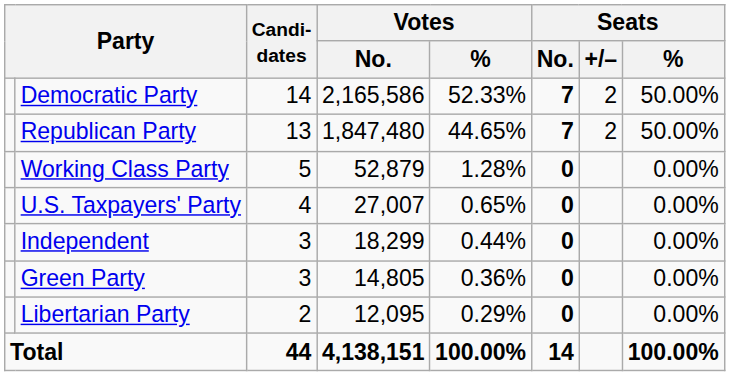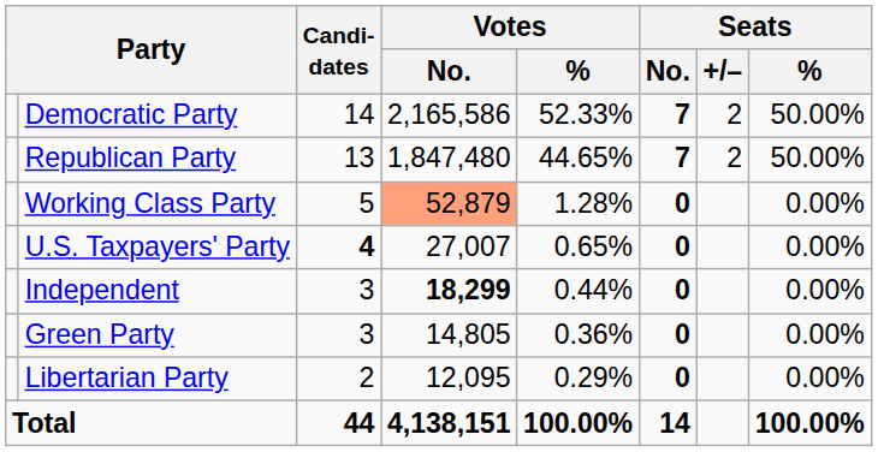 <table class="wikitable" style="font-size:100%; text-align:right;">
 <tr>
 <th colspan=2 rowspan=2>Party</th>
 <th rowspan=2><small>Candi-<br>dates</small></th>
 <th colspan=2>Votes</th>
 <th colspan=3>Seats</th>
 </tr>
 <tr>
 <th>No.</th>
 <th>%</th>
 <th>No.</th>
 <th>+/–</th>
 <th>%</th>
 </tr>
 <tr>
 <td style="background:"></td>
 <td align=left><a href='#'>Democratic Party</a></td>
 <td>14</td>
 <td>2,165,586</td>
 <td>52.33%</td>
 <td><strong>7</strong></td>
 <td>2</td>
 <td>50.00%</td>
 </tr>
 <tr>
 <td style="background:"></td>
 <td align=left><a href='#'>Republican Party</a></td>
 <td>13</td>
 <td>1,847,480</td>
 <td>44.65%</td>
 <td><strong>7</strong></td>
 <td>2</td>
 <td>50.00%</td>
 </tr>
 <tr>
 <td style="background:"></td>
 <td align=left><a href='#'>Working Class Party</a></td>
 <td>5</td>
-<td>52,879</td>
+<td style="background: lightsalmon;">52,879</td>
 <td>1.28%</td>
 <td><strong>0</strong></td>
 <td></td>
 <td>0.00%</td>
 </tr>
 <tr>
 <td style="background:"></td>
 <td align=left><a href='#'>U.S. Taxpayers' Party</a></td>
-<td>4</td>
+<td><strong>4</strong></td>
 <td>27,007</td>
 <td>0.65%</td>
 <td><strong>0</strong></td>
 <td></td>
 <td>0.00%</td>
 </tr>
 <tr>
 <td style="background:"></td>
 <td align=left><a href='#'>Independent</a></td>
 <td>3</td>
-<td>18,299</td>
+<td><strong>18,299</strong></td>
 <td>0.44%</td>
 <td><strong>0</strong></td>
 <td></td>
 <td>0.00%</td>
 </tr>
 <tr>
 <td style="background:"></td>
 <td align=left><a href='#'>Green Party</a></td>
 <td>3</td>
 <td>14,805</td>
 <td>0.36%</td>
 <td><strong>0</strong></td>
 <td></td>
 <td>0.00%</td>
 </tr>
 <tr>
 <td style="background:"></td>
 <td align=left><a href='#'>Libertarian Party</a></td>
 <td>2</td>
 <td>12,095</td>
 <td>0.29%</td>
 <td><strong>0</strong></td>
 <td></td>
 <td>0.00%</td>
 </tr>
 <tr style="font-weight:bold">
 <td colspan=2 align=left>Total</td>
 <td>44</td>
 <td>4,138,151</td>
 <td>100.00%</td>
 <td>14</td>
 <td></td>
 <td>100.00%</td>
 </tr>
 </table>
